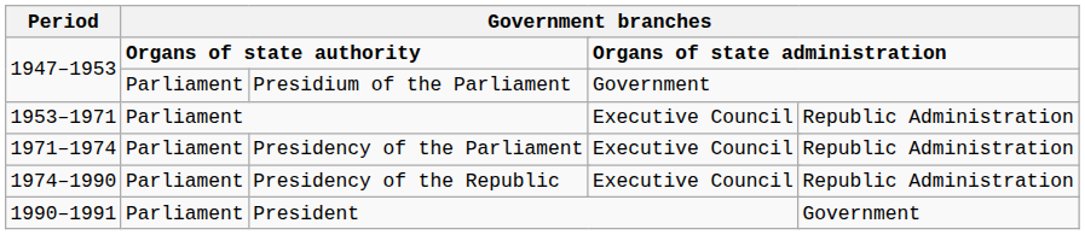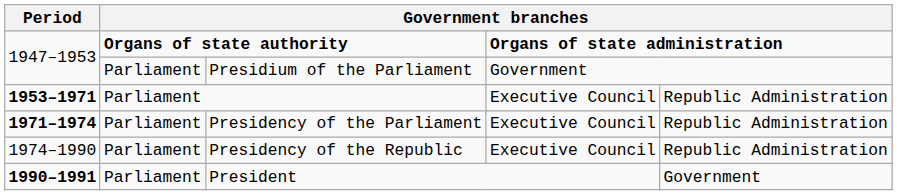 <table class="wikitable">
 <tr>
 <th>Period</th>
 <th colspan=15>Government branches</th>
 </tr>
 <tr>
 <td rowspan=2>1947–1953</td>
 <td colspan=7.5><strong>Organs of state authority</strong></td>
 <td colspan=7.5><strong>Organs of state administration</strong></td>
 </tr>
 <tr>
 <td colspan=3>Parliament</td>
 <td colspan=4.5>Presidium of the Parliament</td>
 <td colspan=7.5>Government</td>
 </tr>
 <tr>
-<td>1953–1971</td>
+<td><strong>1953–1971</strong></td>
 <td colspan=7.5>Parliament</td>
 <td colspan=3>Executive Council</td>
 <td colspan=4.5>Republic Administration</td>
 </tr>
 <tr>
-<td>1971–1974</td>
+<td><strong>1971–1974</strong></td>
 <td colspan=3>Parliament</td>
 <td colspan=4.5>Presidency of the Parliament</td>
 <td colspan=3>Executive Council</td>
 <td colspan=4.5>Republic Administration</td>
 </tr>
 <tr>
 <td>1974–1990</td>
 <td colspan=3>Parliament</td>
 <td colspan=4.5>Presidency of the Republic</td>
 <td colspan=3>Executive Council</td>
 <td colspan=3>Republic Administration</td>
 </tr>
 <tr>
-<td>1990–1991</td>
+<td><strong>1990–1991</strong></td>
 <td colspan=3>Parliament</td>
 <td colspan=7.5>President</td>
 <td colspan=3>Government</td>
 </tr>
 </table>
